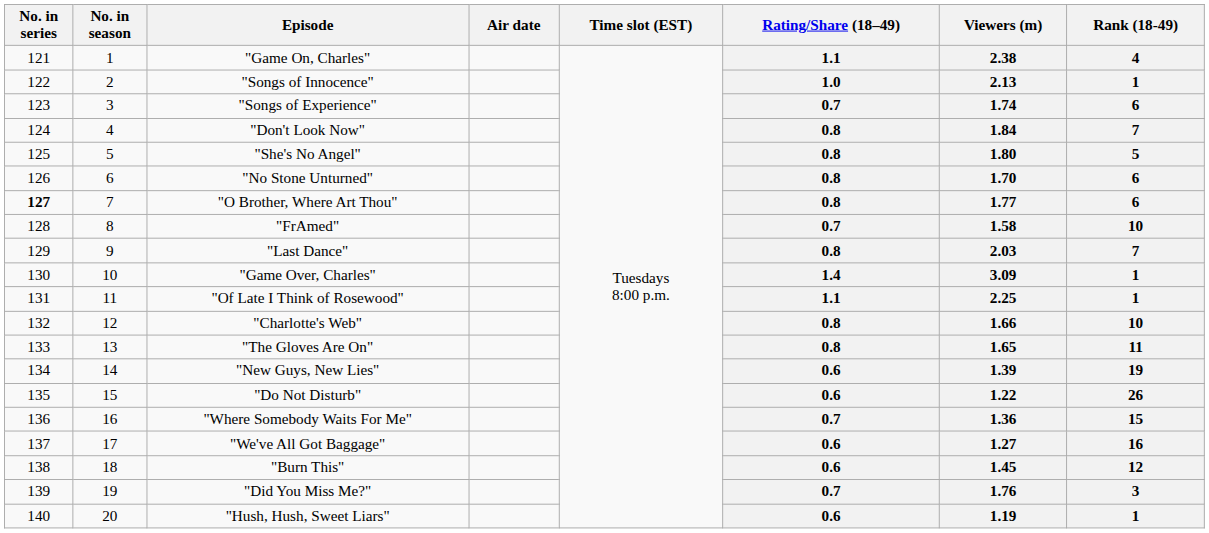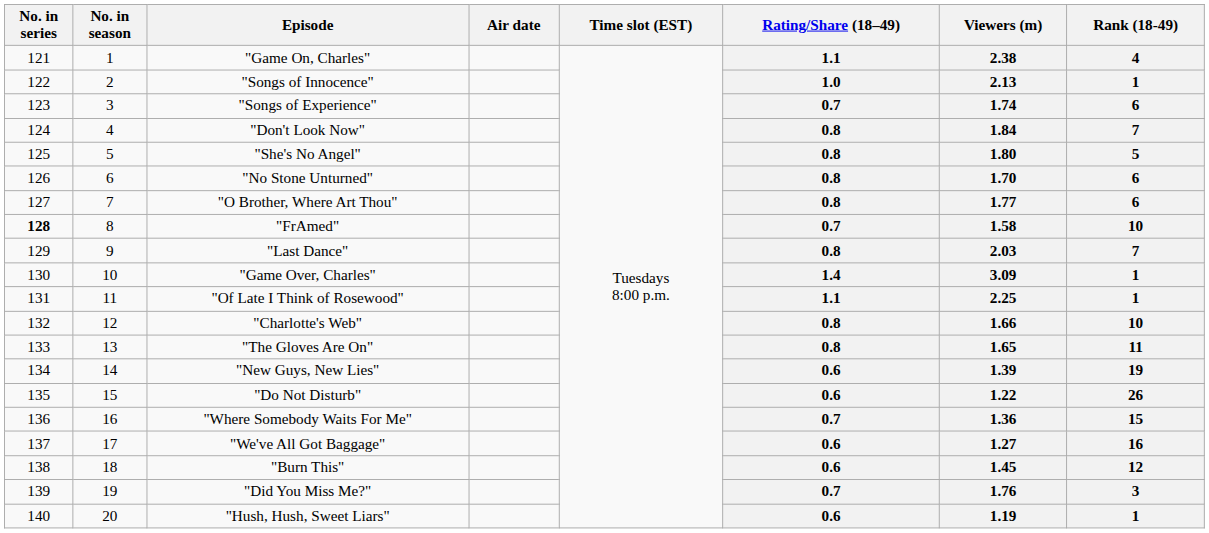 <table class="wikitable" style="font-size:100%; text-align:center; width: 100%; margin-left: auto; margin-right: auto;">
 <tr>
 <th>No. in<br>series</th>
 <th>No. in<br>season</th>
 <th>Episode</th>
 <th>Air date</th>
 <th>Time slot (EST)</th>
 <th><a href='#'>Rating/Share</a> (18–49)</th>
 <th>Viewers (m)</th>
 <th>Rank (18-49)</th>
 </tr>
 <tr>
 <td style="text-align:center">121</td>
 <td style="text-align:center">1</td>
 <td>"Game On, Charles"</td>
 <td></td>
 <td style="text-align:center" rowspan=20>Tuesdays<br>8:00 p.m.</td>
 <th>1.1</th>
 <th>2.38</th>
 <th>4</th>
 </tr>
 <tr>
 <td style="text-align:center">122</td>
 <td style="text-align:center">2</td>
 <td>"Songs of Innocence"</td>
 <td></td>
 <th>1.0</th>
 <th>2.13</th>
 <th>1</th>
 </tr>
 <tr>
 <td style="text-align:center">123</td>
 <td style="text-align:center">3</td>
 <td>"Songs of Experience"</td>
 <td></td>
 <th>0.7</th>
 <th>1.74</th>
 <th>6</th>
 </tr>
 <tr>
 <td style="text-align:center">124</td>
 <td style="text-align:center">4</td>
 <td>"Don't Look Now"</td>
 <td></td>
 <th>0.8</th>
 <th>1.84</th>
 <th>7</th>
 </tr>
 <tr>
 <td style="text-align:center">125</td>
 <td style="text-align:center">5</td>
 <td>"She's No Angel"</td>
 <td></td>
 <th>0.8</th>
 <th>1.80</th>
 <th>5</th>
 </tr>
 <tr>
 <td style="text-align:center">126</td>
 <td style="text-align:center">6</td>
 <td>"No Stone Unturned"</td>
 <td></td>
 <th>0.8</th>
 <th>1.70</th>
 <th>6</th>
 </tr>
 <tr>
-<td style="text-align:center"><strong>127</strong></td>
+<td style="text-align:center">127</td>
 <td style="text-align:center">7</td>
 <td>"O Brother, Where Art Thou"</td>
 <td></td>
 <th>0.8</th>
 <th>1.77</th>
 <th>6</th>
 </tr>
 <tr>
-<td style="text-align:center">128</td>
+<td style="text-align:center"><strong>128</strong></td>
 <td style="text-align:center">8</td>
 <td>"FrAmed"</td>
 <td></td>
 <th>0.7</th>
 <th>1.58</th>
 <th>10</th>
 </tr>
 <tr>
 <td style="text-align:center">129</td>
 <td style="text-align:center">9</td>
 <td>"Last Dance"</td>
 <td></td>
 <th>0.8</th>
 <th>2.03</th>
 <th>7</th>
 </tr>
 <tr>
 <td style="text-align:center">130</td>
 <td style="text-align:center">10</td>
 <td>"Game Over, Charles"</td>
 <td></td>
 <th>1.4</th>
 <th>3.09</th>
 <th>1</th>
 </tr>
 <tr>
 <td style="text-align:center">131</td>
 <td style="text-align:center">11</td>
 <td>"Of Late I Think of Rosewood"</td>
 <td></td>
 <th>1.1</th>
 <th>2.25</th>
 <th>1</th>
 </tr>
 <tr>
 <td style="text-align:center">132</td>
 <td style="text-align:center">12</td>
 <td>"Charlotte's Web"</td>
 <td></td>
 <th>0.8</th>
 <th>1.66</th>
 <th>10</th>
 </tr>
 <tr>
 <td style="text-align:center">133</td>
 <td style="text-align:center">13</td>
 <td>"The Gloves Are On"</td>
 <td></td>
 <th>0.8</th>
 <th>1.65</th>
 <th>11</th>
 </tr>
 <tr>
 <td style="text-align:center">134</td>
 <td style="text-align:center">14</td>
 <td>"New Guys, New Lies"</td>
 <td></td>
 <th>0.6</th>
 <th>1.39</th>
 <th>19</th>
 </tr>
 <tr>
 <td style="text-align:center">135</td>
 <td style="text-align:center">15</td>
 <td>"Do Not Disturb"</td>
 <td></td>
 <th>0.6</th>
 <th>1.22</th>
 <th>26</th>
 </tr>
 <tr>
 <td style="text-align:center">136</td>
 <td style="text-align:center">16</td>
 <td>"Where Somebody Waits For Me"</td>
 <td></td>
 <th>0.7</th>
 <th>1.36</th>
 <th>15</th>
 </tr>
 <tr>
 <td style="text-align:center">137</td>
 <td style="text-align:center">17</td>
 <td>"We've All Got Baggage"</td>
 <td></td>
 <th>0.6</th>
 <th>1.27</th>
 <th>16</th>
 </tr>
 <tr>
 <td style="text-align:center">138</td>
 <td style="text-align:center">18</td>
 <td>"Burn This"</td>
 <td></td>
 <th>0.6</th>
 <th>1.45</th>
 <th>12</th>
 </tr>
 <tr>
 <td style="text-align:center">139</td>
 <td style="text-align:center">19</td>
 <td>"Did You Miss Me?"</td>
 <td></td>
 <th>0.7</th>
 <th>1.76</th>
 <th>3</th>
 </tr>
 <tr>
 <td style="text-align:center">140</td>
 <td style="text-align:center">20</td>
 <td>"Hush, Hush, Sweet Liars"</td>
 <td></td>
 <th>0.6</th>
 <th>1.19</th>
 <th>1</th>
 </tr>
 </table>
